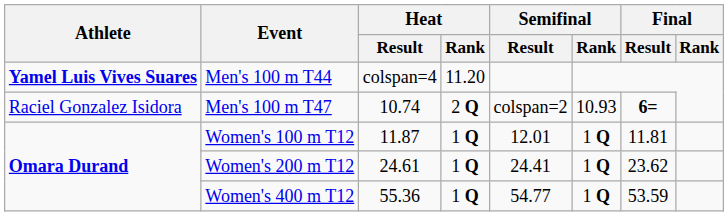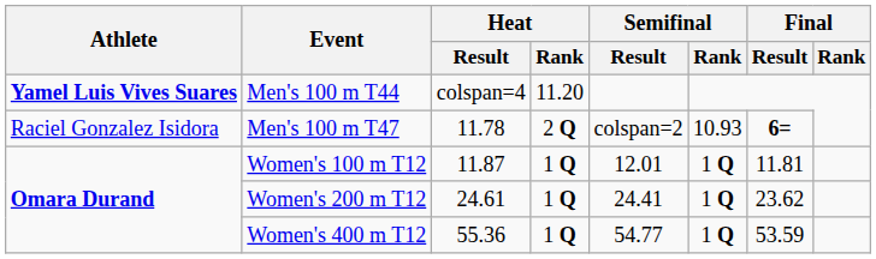 <table class="wikitable" style="font-size:90%">
 <tr>
 <th rowspan="2">Athlete</th>
 <th rowspan="2">Event</th>
 <th colspan="2">Heat</th>
 <th colspan="2">Semifinal</th>
 <th colspan="2">Final</th>
 </tr>
 <tr style="font-size:95%">
 <th>Result</th>
 <th>Rank</th>
 <th>Result</th>
 <th>Rank</th>
 <th>Result</th>
 <th>Rank</th>
 </tr>
 <tr align=center>
 <td align=left><strong><a href='#'>Yamel Luis Vives Suares</a></strong></td>
 <td align=left><a href='#'>Men's 100 m T44</a></td>
 <td>colspan=4 </td>
 <td>11.20</td>
 <td></td>
 </tr>
 <tr align=center>
 <td align=left><a href='#'>Raciel Gonzalez Isidora</a></td>
 <td align=left><a href='#'>Men's 100 m T47</a></td>
-<td>10.74</td>
+<td>11.78</td>
 <td>2 <strong>Q</strong></td>
 <td>colspan=2 </td>
 <td>10.93</td>
 <td><strong>6=</strong></td>
 </tr>
 <tr align=center>
 <td align=left rowspan=3><strong><a href='#'>Omara Durand</a></strong></td>
 <td align=left><a href='#'>Women's 100 m T12</a></td>
 <td>11.87</td>
 <td>1 <strong>Q</strong></td>
 <td>12.01</td>
 <td>1 <strong>Q</strong></td>
 <td>11.81</td>
 <td></td>
 </tr>
 <tr align=center>
 <td align=left><a href='#'>Women's 200 m T12</a></td>
 <td>24.61</td>
 <td>1 <strong>Q</strong></td>
 <td>24.41</td>
 <td>1 <strong>Q</strong></td>
 <td>23.62</td>
 <td></td>
 </tr>
 <tr align=center>
 <td align=left><a href='#'>Women's 400 m T12</a></td>
 <td>55.36</td>
 <td>1 <strong>Q</strong></td>
 <td>54.77</td>
 <td>1 <strong>Q</strong></td>
 <td>53.59</td>
 <td></td>
 </tr>
 </table>
